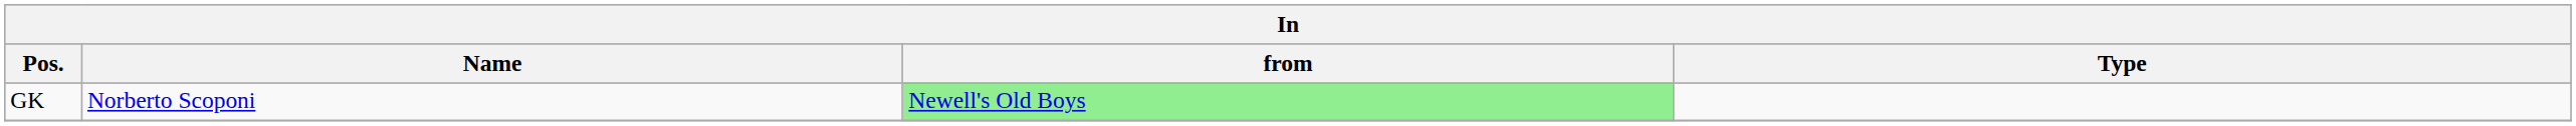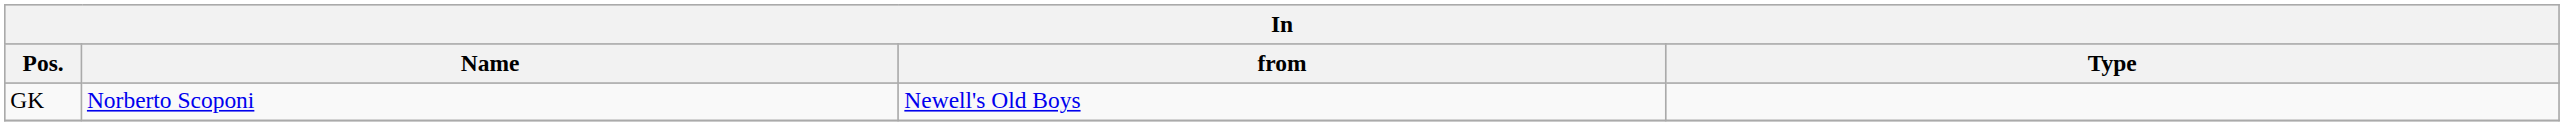 <table class="wikitable" style="font-size:90%;width:99%;">
 <tr>
 <th colspan="4">In</th>
 </tr>
 <tr>
 <th width=3%>Pos.</th>
 <th width=32%>Name</th>
 <th width=30%>from</th>
 <th width=35%>Type</th>
 </tr>
 <tr>
 <td>GK</td>
 <td><a href='#'>Norberto Scoponi</a></td>
-<td style="background: lightgreen;"><a href='#'>Newell's Old Boys</a></td>
+<td><a href='#'>Newell's Old Boys</a></td>
 <td></td>
 </tr>
 <tr>
 </tr>
 </table>
